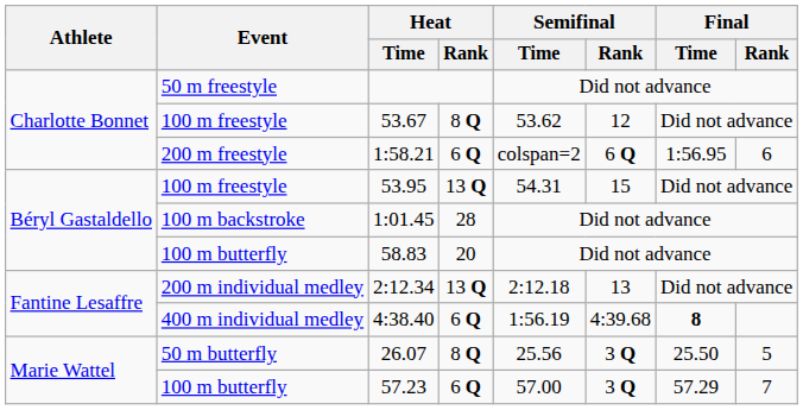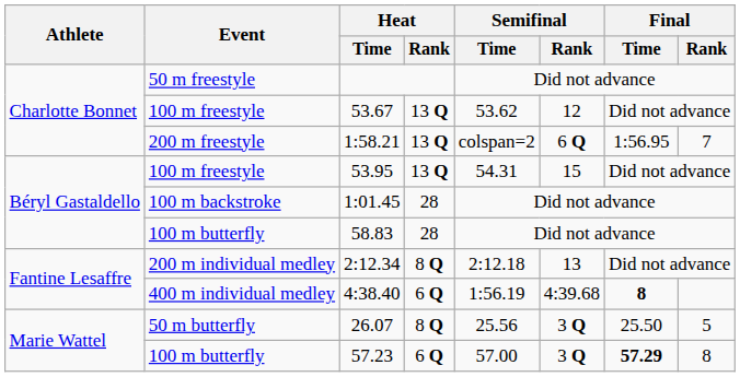 <table class="wikitable" style="text-align:center; font-size:90%">
 <tr>
 <th rowspan="2">Athlete</th>
 <th rowspan="2">Event</th>
 <th colspan="2">Heat</th>
 <th colspan="2">Semifinal</th>
 <th colspan="2">Final</th>
 </tr>
 <tr style="font-size:95%">
 <th>Time</th>
 <th>Rank</th>
 <th>Time</th>
 <th>Rank</th>
 <th>Time</th>
 <th>Rank</th>
 </tr>
 <tr>
 <td align=left rowspan=3><a href='#'>Charlotte Bonnet</a></td>
 <td align=left><a href='#'>50 m freestyle</a></td>
 <td colspan=2></td>
 <td colspan=4>Did not advance</td>
 </tr>
 <tr>
 <td align=left><a href='#'>100 m freestyle</a></td>
 <td>53.67</td>
-<td>8 <strong>Q</strong></td>
+<td>13 <strong>Q</strong></td>
 <td>53.62</td>
 <td>12</td>
 <td colspan=2>Did not advance</td>
 </tr>
 <tr>
 <td align=left><a href='#'>200 m freestyle</a></td>
 <td>1:58.21</td>
-<td>6 <strong>Q</strong></td>
+<td>13 <strong>Q</strong></td>
 <td>colspan=2 </td>
 <td>6 <strong>Q</strong></td>
 <td>1:56.95</td>
-<td>6</td>
+<td>7</td>
 </tr>
 <tr>
 <td align=left rowspan=3><a href='#'>Béryl Gastaldello</a></td>
 <td align=left><a href='#'>100 m freestyle</a></td>
 <td>53.95</td>
 <td>13 <strong>Q</strong></td>
 <td>54.31</td>
 <td>15</td>
 <td colspan=2>Did not advance</td>
 </tr>
 <tr>
 <td align=left><a href='#'>100 m backstroke</a></td>
 <td>1:01.45</td>
 <td>28</td>
 <td colspan=4>Did not advance</td>
 </tr>
 <tr>
 <td align=left><a href='#'>100 m butterfly</a></td>
 <td>58.83</td>
-<td>20</td>
+<td>28</td>
 <td colspan=4>Did not advance</td>
 </tr>
 <tr>
 <td align=left rowspan=2><a href='#'>Fantine Lesaffre</a></td>
 <td align=left><a href='#'>200 m individual medley</a></td>
 <td>2:12.34</td>
-<td>13 <strong>Q</strong></td>
+<td>8 <strong>Q</strong></td>
 <td>2:12.18</td>
 <td>13</td>
 <td colspan=2>Did not advance</td>
 </tr>
 <tr>
 <td align=left><a href='#'>400 m individual medley</a></td>
 <td>4:38.40</td>
 <td>6 <strong>Q</strong></td>
 <td>1:56.19</td>
 <td>4:39.68</td>
 <td><strong>8</strong></td>
 </tr>
 <tr>
 <td align=left rowspan=2><a href='#'>Marie Wattel</a></td>
 <td align=left><a href='#'>50 m butterfly</a></td>
 <td>26.07</td>
 <td>8 <strong>Q</strong></td>
 <td>25.56</td>
 <td>3 <strong>Q</strong></td>
 <td>25.50</td>
 <td>5</td>
 </tr>
 <tr>
 <td align=left><a href='#'>100 m butterfly</a></td>
 <td>57.23</td>
 <td>6 <strong>Q</strong></td>
 <td>57.00</td>
 <td>3 <strong>Q</strong></td>
-<td>57.29</td>
-<td>7</td>
+<td><strong>57.29</strong></td>
+<td>8</td>
 </tr>
 </table>
